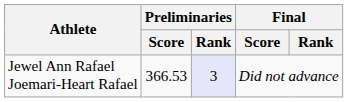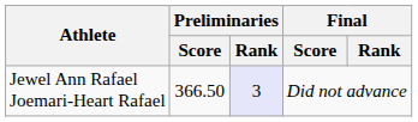 <table class="wikitable" style="font-size:90%">
 <tr>
 <th rowspan=2>Athlete</th>
 <th colspan=2=2>Preliminaries</th>
 <th colspan=2>Final</th>
 </tr>
 <tr style="font=size:95%">
 <th>Score</th>
 <th>Rank</th>
 <th>Score</th>
 <th>Rank</th>
 </tr>
 <tr align=center>
 <td align=left>Jewel Ann Rafael<br>Joemari-Heart Rafael</td>
-<td>366.53</td>
+<td>366.50</td>
 <td style="background: lavender;">3</td>
 <td colspan=2><em>Did not advance</em></td>
 </tr>
 </table>
